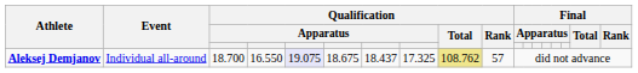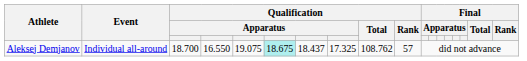 <table class="wikitable" style="font-size:90%">
 <tr>
 <th rowspan=3>Athlete</th>
 <th rowspan=3>Event</th>
 <th colspan =8>Qualification</th>
 <th colspan =8>Final</th>
 </tr>
 <tr style="font-size:95%">
 <th colspan=6>Apparatus</th>
 <th rowspan=2>Total</th>
 <th rowspan=2>Rank</th>
 <th colspan=6>Apparatus</th>
 <th rowspan=2>Total</th>
 <th rowspan=2>Rank</th>
 </tr>
 <tr style="font-size:95%">
 <th></th>
 <th></th>
 <th></th>
 <th></th>
 <th></th>
 <th></th>
 <th></th>
 <th></th>
 <th></th>
 <th></th>
 <th></th>
 <th></th>
 </tr>
 <tr align=center>
-<td align=left><strong><a href='#'>Aleksej Demjanov</a></strong></td>
+<td align=left><a href='#'>Aleksej Demjanov</a></td>
 <td align=left><a href='#'>Individual all-around</a></td>
 <td>18.700</td>
 <td>16.550</td>
-<td style="background: lavender;">19.075</td>
-<td>18.675</td>
+<td>19.075</td>
+<td style="background: paleturquoise;">18.675</td>
 <td>18.437</td>
 <td>17.325</td>
-<td style="background: khaki;">108.762</td>
+<td>108.762</td>
 <td>57</td>
 <td colspan=8>did not advance</td>
 </tr>
 </table>
